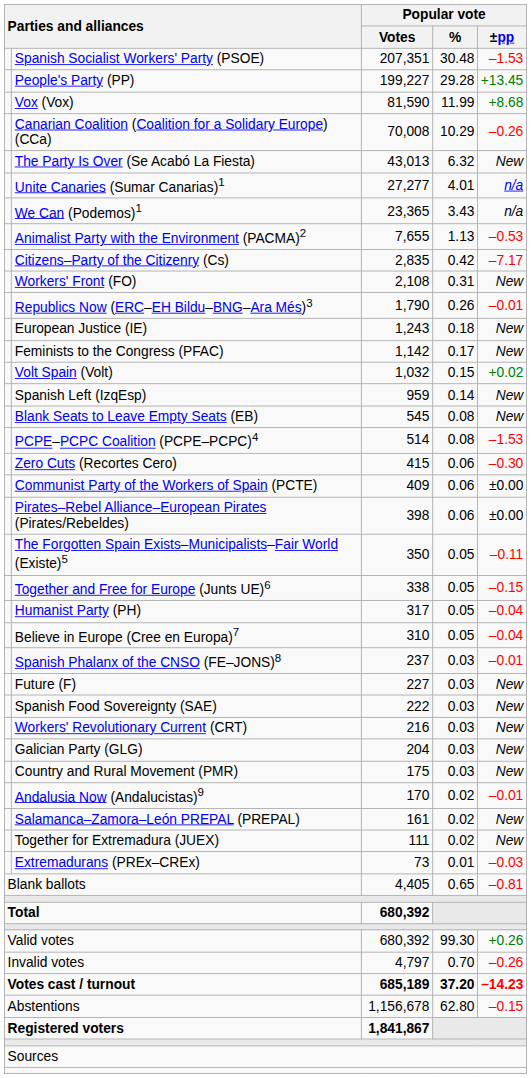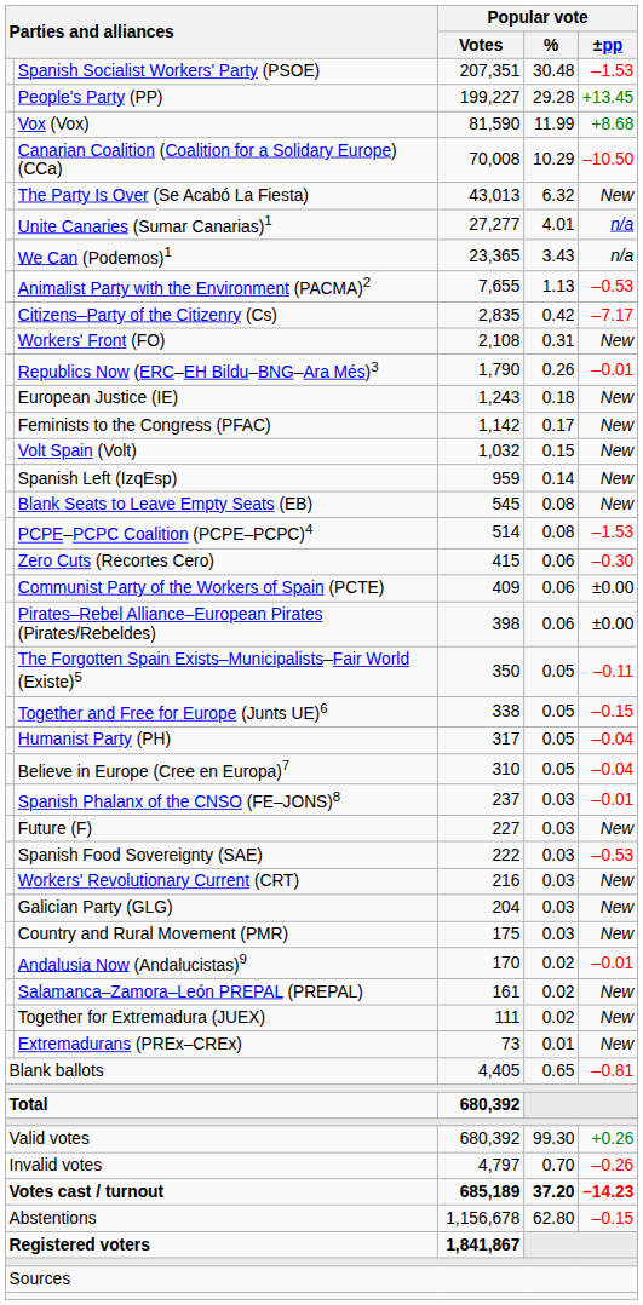 <table class="wikitable" style="text-align:right;">
 <tr>
 <th style="text-align:left;" rowspan="2" colspan="2" width="525">Parties and alliances</th>
 <th colspan="3">Popular vote</th>
 </tr>
 <tr bgcolor="#E9E9E9" align="center">
 <th width="75">Votes</th>
 <th width="45">%</th>
 <th width="45">±<a href='#'>pp</a></th>
 </tr>
 <tr>
 <td width="1" style="color:inherit;background:"></td>
 <td align="left"><a href='#'>Spanish Socialist Workers' Party</a> (PSOE)</td>
 <td>207,351</td>
 <td>30.48</td>
 <td style="color:red;">–1.53</td>
 </tr>
 <tr>
 <td style="color:inherit;background:"></td>
 <td align="left"><a href='#'>People's Party</a> (PP)</td>
 <td>199,227</td>
 <td>29.28</td>
 <td style="color:green;">+13.45</td>
 </tr>
 <tr>
 <td style="color:inherit;background:"></td>
 <td align="left"><a href='#'>Vox</a> (Vox)</td>
 <td>81,590</td>
 <td>11.99</td>
 <td style="color:green;">+8.68</td>
 </tr>
 <tr>
 <td style="color:inherit;background:"></td>
 <td align="left"><a href='#'>Canarian Coalition</a> (<a href='#'>Coalition for a Solidary Europe</a>) (CCa)</td>
 <td>70,008</td>
 <td>10.29</td>
-<td style="color:red;">–0.26</td>
+<td style="color:red;">–10.50</td>
 </tr>
 <tr>
 <td style="color:inherit;background:"></td>
 <td align="left"><a href='#'>The Party Is Over</a> (Se Acabó La Fiesta)</td>
 <td>43,013</td>
 <td>6.32</td>
 <td><em>New</em></td>
 </tr>
 <tr>
 <td style="color:inherit;background:"></td>
 <td align="left"><a href='#'>Unite Canaries</a> (Sumar Canarias)<sup>1</sup></td>
 <td>27,277</td>
 <td>4.01</td>
 <td><em><a href='#'>n/a</a></em></td>
 </tr>
 <tr>
 <td style="color:inherit;background:"></td>
 <td align="left"><a href='#'>We Can</a> (Podemos)<sup>1</sup></td>
 <td>23,365</td>
 <td>3.43</td>
 <td><em>n/a</em></td>
 </tr>
 <tr>
 <td style="color:inherit;background:"></td>
 <td align="left"><a href='#'>Animalist Party with the Environment</a> (PACMA)<sup>2</sup></td>
 <td>7,655</td>
 <td>1.13</td>
 <td style="color:red;">–0.53</td>
 </tr>
 <tr>
 <td style="color:inherit;background:"></td>
 <td align="left"><a href='#'>Citizens–Party of the Citizenry</a> (Cs)</td>
 <td>2,835</td>
 <td>0.42</td>
 <td style="color:red;">–7.17</td>
 </tr>
 <tr>
 <td style="color:inherit;background:"></td>
 <td align="left"><a href='#'>Workers' Front</a> (FO)</td>
 <td>2,108</td>
 <td>0.31</td>
 <td><em>New</em></td>
 </tr>
 <tr>
 <td style="color:inherit;background:"></td>
 <td align="left"><a href='#'>Republics Now</a> (<a href='#'>ERC</a>–<a href='#'>EH Bildu</a>–<a href='#'>BNG</a>–<a href='#'>Ara Més</a>)<sup>3</sup></td>
 <td>1,790</td>
 <td>0.26</td>
 <td style="color:red;">–0.01</td>
 </tr>
 <tr>
 <td style="color:inherit;background:"></td>
 <td align="left">European Justice (IE)</td>
 <td>1,243</td>
 <td>0.18</td>
 <td><em>New</em></td>
 </tr>
 <tr>
 <td style="color:inherit;background:"></td>
 <td align="left">Feminists to the Congress (PFAC)</td>
 <td>1,142</td>
 <td>0.17</td>
 <td><em>New</em></td>
 </tr>
 <tr>
 <td style="color:inherit;background:"></td>
 <td align="left"><a href='#'>Volt Spain</a> (Volt)</td>
 <td>1,032</td>
 <td>0.15</td>
-<td style="color:green;">+0.02</td>
+<td><em>New</em></td>
 </tr>
 <tr>
 <td style="color:inherit;background:"></td>
 <td align="left">Spanish Left (IzqEsp)</td>
 <td>959</td>
 <td>0.14</td>
 <td><em>New</em></td>
 </tr>
 <tr>
 <td style="color:inherit;background:"></td>
 <td align="left"><a href='#'>Blank Seats to Leave Empty Seats</a> (EB)</td>
 <td>545</td>
 <td>0.08</td>
 <td><em>New</em></td>
 </tr>
 <tr>
 <td style="color:inherit;background:"></td>
 <td align="left"><a href='#'>PCPE</a>–<a href='#'>PCPC Coalition</a> (PCPE–PCPC)<sup>4</sup></td>
 <td>514</td>
 <td>0.08</td>
 <td style="color:red;">–1.53</td>
 </tr>
 <tr>
 <td style="color:inherit;background:"></td>
 <td align="left"><a href='#'>Zero Cuts</a> (Recortes Cero)</td>
 <td>415</td>
 <td>0.06</td>
 <td style="color:red;">–0.30</td>
 </tr>
 <tr>
 <td style="color:inherit;background:"></td>
 <td align="left"><a href='#'>Communist Party of the Workers of Spain</a> (PCTE)</td>
 <td>409</td>
 <td>0.06</td>
 <td>±0.00</td>
 </tr>
 <tr>
 <td style="color:inherit;background:"></td>
 <td align="left"><a href='#'>Pirates–Rebel Alliance–European Pirates</a> (Pirates/Rebeldes)</td>
 <td>398</td>
 <td>0.06</td>
 <td>±0.00</td>
 </tr>
 <tr>
 <td style="color:inherit;background:"></td>
 <td align="left"><a href='#'>The Forgotten Spain Exists–Municipalists</a>–<a href='#'>Fair World</a> (Existe)<sup>5</sup></td>
 <td>350</td>
 <td>0.05</td>
 <td style="color:red;">–0.11</td>
 </tr>
 <tr>
 <td style="color:inherit;background:"></td>
 <td align="left"><a href='#'>Together and Free for Europe</a> (Junts UE)<sup>6</sup></td>
 <td>338</td>
 <td>0.05</td>
 <td style="color:red;">–0.15</td>
 </tr>
 <tr>
 <td style="color:inherit;background:"></td>
 <td align="left"><a href='#'>Humanist Party</a> (PH)</td>
 <td>317</td>
 <td>0.05</td>
 <td style="color:red;">–0.04</td>
 </tr>
 <tr>
 <td style="color:inherit;background:"></td>
 <td align="left">Believe in Europe (Cree en Europa)<sup>7</sup></td>
 <td>310</td>
 <td>0.05</td>
 <td style="color:red;">–0.04</td>
 </tr>
 <tr>
 <td style="color:inherit;background:"></td>
 <td align="left"><a href='#'>Spanish Phalanx of the CNSO</a> (FE–JONS)<sup>8</sup></td>
 <td>237</td>
 <td>0.03</td>
 <td style="color:red;">–0.01</td>
 </tr>
 <tr>
 <td style="color:inherit;background:"></td>
 <td align="left">Future (F)</td>
 <td>227</td>
 <td>0.03</td>
 <td><em>New</em></td>
 </tr>
 <tr>
 <td style="color:inherit;background:"></td>
 <td align="left">Spanish Food Sovereignty (SAE)</td>
 <td>222</td>
 <td>0.03</td>
-<td><em>New</em></td>
+<td style="color:red;">–0.53</td>
 </tr>
 <tr>
 <td style="color:inherit;background:"></td>
 <td align="left"><a href='#'>Workers' Revolutionary Current</a> (CRT)</td>
 <td>216</td>
 <td>0.03</td>
 <td><em>New</em></td>
 </tr>
 <tr>
 <td style="color:inherit;background:"></td>
 <td align="left">Galician Party (GLG)</td>
 <td>204</td>
 <td>0.03</td>
 <td><em>New</em></td>
 </tr>
 <tr>
 <td style="color:inherit;background:"></td>
 <td align="left">Country and Rural Movement (PMR)</td>
 <td>175</td>
 <td>0.03</td>
 <td><em>New</em></td>
 </tr>
 <tr>
 <td style="color:inherit;background:"></td>
 <td align="left"><a href='#'>Andalusia Now</a> (Andalucistas)<sup>9</sup></td>
 <td>170</td>
 <td>0.02</td>
 <td style="color:red;">–0.01</td>
 </tr>
 <tr>
 <td style="color:inherit;background:"></td>
 <td align="left"><a href='#'>Salamanca–Zamora–León PREPAL</a> (PREPAL)</td>
 <td>161</td>
 <td>0.02</td>
 <td><em>New</em></td>
 </tr>
 <tr>
 <td style="color:inherit;background:"></td>
 <td align="left">Together for Extremadura (JUEX)</td>
 <td>111</td>
 <td>0.02</td>
 <td><em>New</em></td>
 </tr>
 <tr>
 <td style="color:inherit;background:"></td>
 <td align="left"><a href='#'>Extremadurans</a> (PREx–CREx)</td>
 <td>73</td>
 <td>0.01</td>
-<td style="color:red;">–0.03</td>
+<td><em>New</em></td>
 </tr>
 <tr>
 <td align="left" colspan="2">Blank ballots</td>
 <td>4,405</td>
 <td>0.65</td>
 <td style="color:red;">–0.81</td>
 </tr>
 <tr>
 <td colspan="5" bgcolor="#E9E9E9"></td>
 </tr>
 <tr style="font-weight:bold;">
 <td align="left" colspan="2">Total</td>
 <td>680,392</td>
 <td bgcolor="#E9E9E9" colspan="2"></td>
 </tr>
 <tr>
 <td colspan="5" bgcolor="#E9E9E9"></td>
 </tr>
 <tr>
 <td align="left" colspan="2">Valid votes</td>
 <td>680,392</td>
 <td>99.30</td>
 <td style="color:green;">+0.26</td>
 </tr>
 <tr>
 <td align="left" colspan="2">Invalid votes</td>
 <td>4,797</td>
 <td>0.70</td>
 <td style="color:red;">–0.26</td>
 </tr>
 <tr style="font-weight:bold;">
 <td align="left" colspan="2">Votes cast / turnout</td>
 <td>685,189</td>
 <td>37.20</td>
 <td style="color:red;">–14.23</td>
 </tr>
 <tr>
 <td align="left" colspan="2">Abstentions</td>
 <td>1,156,678</td>
 <td>62.80</td>
 <td style="color:red;">–0.15</td>
 </tr>
 <tr style="font-weight:bold;">
 <td align="left" colspan="2">Registered voters</td>
 <td>1,841,867</td>
 <td bgcolor="#E9E9E9" colspan="2"></td>
 </tr>
 <tr>
 <td colspan="5" bgcolor="#E9E9E9"></td>
 </tr>
 <tr>
 <td align="left" colspan="5">Sources</td>
 </tr>
 <tr>
 <td colspan="5" style="text-align:left; max-width:790px;"></td>
 </tr>
 </table>
